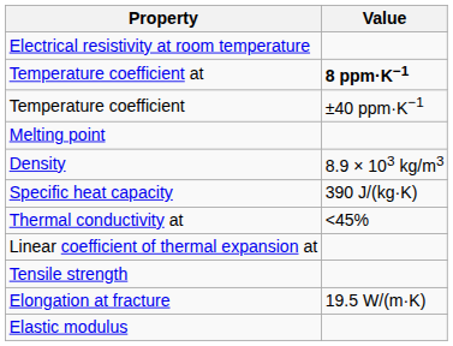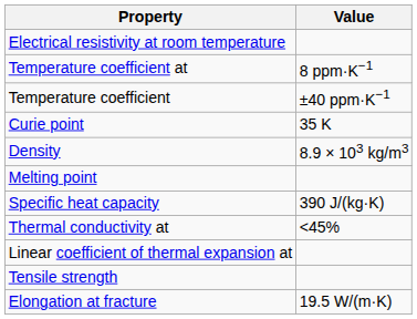 <table class="wikitable">
 <tr>
 <th>Property</th>
 <th>Value</th>
 </tr>
 <tr>
 <td><a href='#'>Electrical resistivity at room temperature</a></td>
 <td></td>
 </tr>
 <tr>
 <td><a href='#'>Temperature coefficient</a> at </td>
-<td><strong>8 ppm·K<sup>−1</sup></strong></td>
+<td>8 ppm·K<sup>−1</sup></td>
 </tr>
 <tr>
 <td>Temperature coefficient </td>
 <td>±40 ppm·K<sup>−1</sup></td>
 </tr>
 <tr>
-<td><a href='#'>Melting point</a></td>
-<td></td>
+<td><a href='#'>Curie point</a></td>
+<td>35 K</td>
 </tr>
 <tr>
 <td><a href='#'>Density</a></td>
 <td>8.9 × 10<sup>3</sup> kg/m<sup>3</sup></td>
+</tr>
+<tr>
+<td><a href='#'>Melting point</a></td>
+<td></td>
 </tr>
 <tr>
 <td><a href='#'>Specific heat capacity</a></td>
 <td>390 J/(kg·K)</td>
 </tr>
 <tr>
 <td><a href='#'>Thermal conductivity</a> at </td>
 <td><45%</td>
 </tr>
 <tr>
 <td>Linear <a href='#'>coefficient of thermal expansion</a> at </td>
 <td></td>
 </tr>
 <tr>
 <td><a href='#'>Tensile strength</a></td>
 <td></td>
 </tr>
 <tr>
 <td><a href='#'>Elongation at fracture</a></td>
 <td>19.5 W/(m·K)</td>
 </tr>
-<tr>
-<td><a href='#'>Elastic modulus</a></td>
-<td></td>
-</tr>
 </table>
